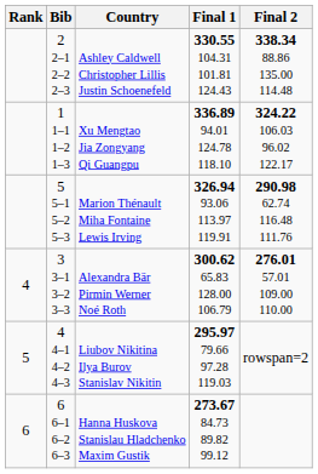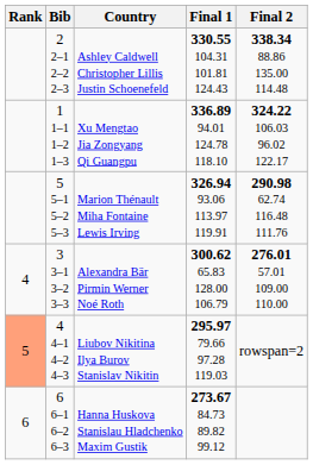 <table class="wikitable sortable" style="text-align:center">
 <tr>
 <th>Rank</th>
 <th>Bib</th>
 <th>Country</th>
 <th>Final 1</th>
 <th>Final 2</th>
 </tr>
 <tr>
 <td></td>
 <td>2<br><small>2–1<br>2–2<br>2–3</small></td>
 <td align=left><br><small><a href='#'>Ashley Caldwell</a><br><a href='#'>Christopher Lillis</a><br><a href='#'>Justin Schoenefeld</a></small></td>
 <td><strong>330.55</strong><br><small>104.31<br>101.81<br>124.43</small></td>
 <td><strong>338.34</strong><br><small>88.86<br>135.00<br>114.48</small></td>
 </tr>
 <tr>
 <td></td>
 <td>1<br><small>1–1<br>1–2<br>1–3</small></td>
 <td align=left><br><small><a href='#'>Xu Mengtao</a><br><a href='#'>Jia Zongyang</a><br><a href='#'>Qi Guangpu</a></small></td>
 <td><strong>336.89</strong><br><small>94.01<br>124.78<br>118.10</small></td>
 <td><strong>324.22</strong><br><small>106.03<br>96.02<br>122.17</small></td>
 </tr>
 <tr>
 <td></td>
 <td>5<br><small>5–1<br>5–2<br>5–3</small></td>
 <td align=left><br><small><a href='#'>Marion Thénault</a><br><a href='#'>Miha Fontaine</a><br><a href='#'>Lewis Irving</a></small></td>
 <td><strong>326.94</strong><br><small>93.06<br>113.97<br>119.91</small></td>
 <td><strong>290.98</strong><br><small>62.74<br>116.48<br>111.76</small></td>
 </tr>
 <tr>
 <td>4</td>
 <td>3<br><small>3–1<br>3–2<br>3–3</small></td>
 <td align=left><br><small><a href='#'>Alexandra Bär</a><br><a href='#'>Pirmin Werner</a><br><a href='#'>Noé Roth</a></small></td>
 <td><strong>300.62</strong><br><small>65.83<br>128.00<br>106.79</small></td>
 <td><strong>276.01</strong><br><small>57.01<br>109.00<br>110.00</small></td>
 </tr>
 <tr>
-<td>5</td>
+<td style="background: lightsalmon;">5</td>
 <td>4<br><small>4–1<br>4–2<br>4–3</small></td>
 <td align=left><br><small><a href='#'>Liubov Nikitina</a><br><a href='#'>Ilya Burov</a><br><a href='#'>Stanislav Nikitin</a></small></td>
 <td><strong>295.97</strong><br><small>79.66<br>97.28<br>119.03</small></td>
 <td>rowspan=2 </td>
 </tr>
 <tr>
 <td>6</td>
 <td>6<br><small>6–1<br>6–2<br>6–3</small></td>
 <td align=left><br><small><a href='#'>Hanna Huskova</a><br><a href='#'>Stanislau Hladchenko</a><br><a href='#'>Maxim Gustik</a></small></td>
 <td><strong>273.67</strong><br><small>84.73<br>89.82<br>99.12</small></td>
 </tr>
 </table>
